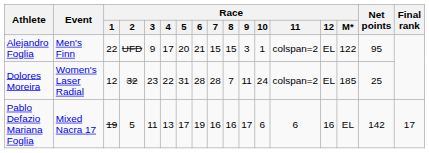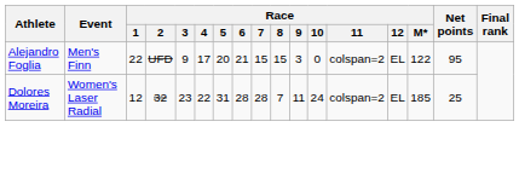 <table class="wikitable" style="font-size:90%">
 <tr>
 <th rowspan="2">Athlete</th>
 <th rowspan="2">Event</th>
 <th colspan=13>Race</th>
 <th rowspan=2>Net points</th>
 <th rowspan=2>Final rank</th>
 </tr>
 <tr style="font-size:95%">
 <th>1</th>
 <th>2</th>
 <th>3</th>
 <th>4</th>
 <th>5</th>
 <th>6</th>
 <th>7</th>
 <th>8</th>
 <th>9</th>
 <th>10</th>
 <th>11</th>
 <th>12</th>
 <th>M*</th>
 </tr>
 <tr align=center>
 <td align=left><a href='#'>Alejandro Foglia</a></td>
 <td align=left><a href='#'>Men's Finn</a></td>
 <td>22</td>
 <td><s>UFD</s></td>
 <td>9</td>
 <td>17</td>
 <td>20</td>
 <td>21</td>
 <td>15</td>
 <td>15</td>
 <td>3</td>
-<td>1</td>
+<td>0</td>
 <td>colspan=2 </td>
 <td>EL</td>
 <td>122</td>
 <td>95</td>
 </tr>
 <tr align=center>
 <td align=left><a href='#'>Dolores Moreira</a></td>
 <td align=left><a href='#'>Women's Laser Radial</a></td>
 <td>12</td>
 <td><s>32</s></td>
 <td>23</td>
 <td>22</td>
 <td>31</td>
 <td>28</td>
 <td>28</td>
 <td>7</td>
 <td>11</td>
 <td>24</td>
 <td>colspan=2 </td>
 <td>EL</td>
 <td>185</td>
 <td>25</td>
 </tr>
-<tr align=center>
-<td align=left><a href='#'>Pablo Defazio</a><br><a href='#'>Mariana Foglia</a></td>
-<td align=left><a href='#'>Mixed Nacra 17</a></td>
-<td><s>19</s></td>
-<td>5</td>
-<td>11</td>
-<td>13</td>
-<td>17</td>
-<td>19</td>
-<td>16</td>
-<td>16</td>
-<td>17</td>
-<td>6</td>
-<td>6</td>
-<td>16</td>
-<td>EL</td>
-<td>142</td>
-<td>17</td>
-</tr>
 </table>
